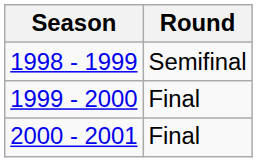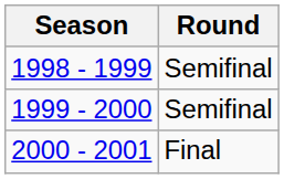 <table class="wikitable">
 <tr>
 <th>Season</th>
 <th>Round</th>
 </tr>
 <tr>
 <td><a href='#'>1998 - 1999</a></td>
 <td>Semifinal</td>
 </tr>
 <tr -style="background:#D3D3D3">
 <td><a href='#'>1999 - 2000</a></td>
-<td>Final</td>
+<td>Semifinal</td>
 </tr>
 <tr>
 <td><a href='#'>2000 - 2001</a></td>
 <td>Final</td>
 </tr>
 </table>
